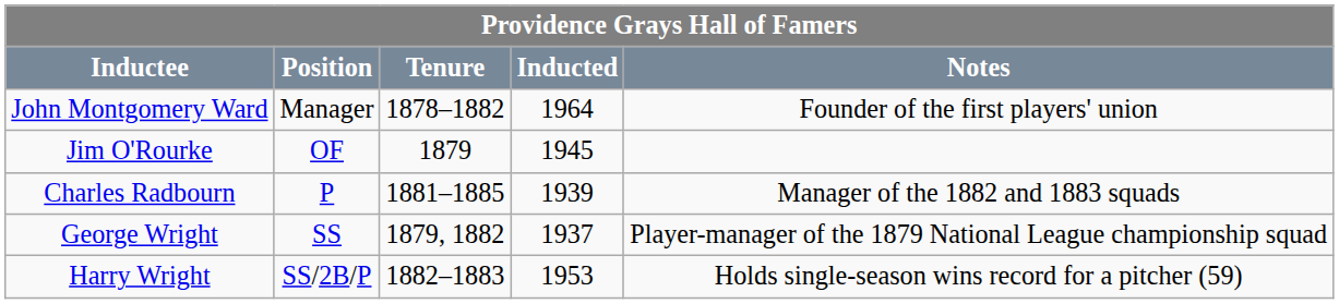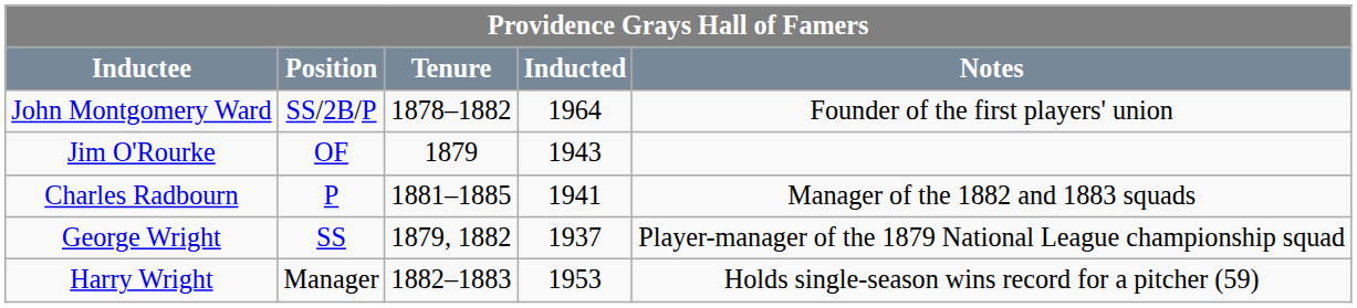 <table class="wikitable" style="text-align:center">
 <tr>
 <th colspan=5 style="background:gray; color:white;">Providence Grays Hall of Famers</th>
 </tr>
 <tr>
 <th style="background:#778899; color:white;">Inductee</th>
 <th style="background:#778899; color:white;">Position</th>
 <th style="background:#778899; color:white;">Tenure</th>
 <th style="background:#778899; color:white;">Inducted</th>
 <th style="background:#778899; color:white;">Notes</th>
 </tr>
 <tr>
 <td><a href='#'>John Montgomery Ward</a></td>
-<td>Manager</td>
+<td><a href='#'>SS</a>/<a href='#'>2B</a>/<a href='#'>P</a></td>
 <td>1878–1882</td>
 <td>1964</td>
 <td>Founder of the first players' union</td>
 </tr>
 <tr>
 <td><a href='#'>Jim O'Rourke</a></td>
 <td><a href='#'>OF</a></td>
 <td>1879</td>
-<td>1945</td>
+<td>1943</td>
 <td></td>
 </tr>
 <tr>
 <td><a href='#'>Charles Radbourn</a></td>
 <td><a href='#'>P</a></td>
 <td>1881–1885</td>
-<td>1939</td>
+<td>1941</td>
 <td>Manager of the 1882 and 1883 squads</td>
 </tr>
 <tr>
 <td><a href='#'>George Wright</a></td>
 <td><a href='#'>SS</a></td>
 <td>1879, 1882</td>
 <td>1937</td>
 <td>Player-manager of the 1879 National League championship squad</td>
 </tr>
 <tr>
 <td><a href='#'>Harry Wright</a></td>
-<td><a href='#'>SS</a>/<a href='#'>2B</a>/<a href='#'>P</a></td>
+<td>Manager</td>
 <td>1882–1883</td>
 <td>1953</td>
 <td>Holds single-season wins record for a pitcher (59)</td>
 </tr>
 </table>
